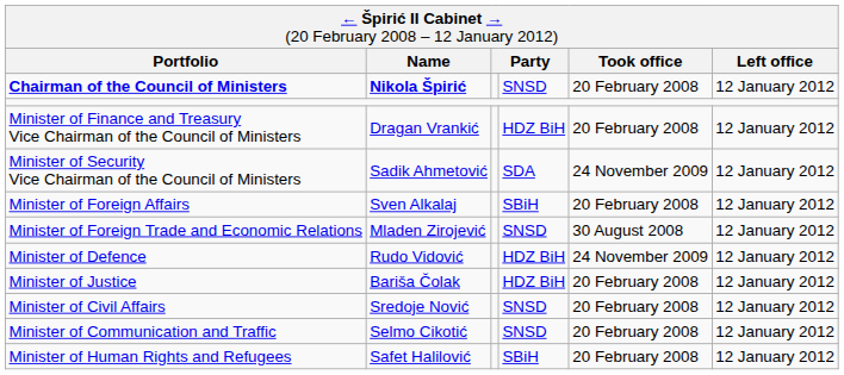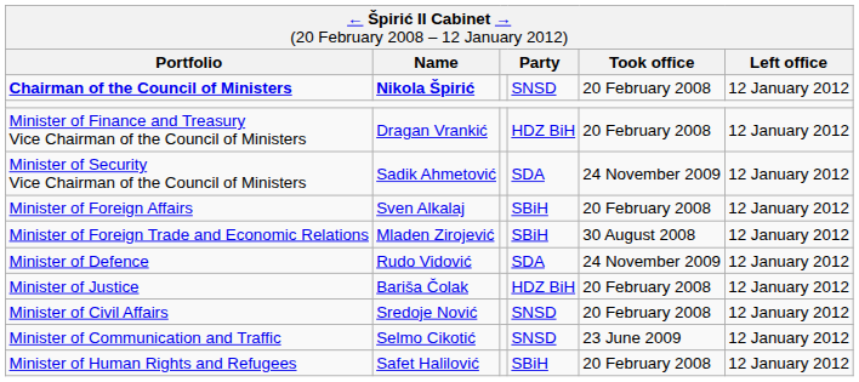 <table class="wikitable" style="font-size:95%;">
 <tr>
 <td colspan="7" bgcolor="#F2F2F2" align="center"><a href='#'>←</a> <strong>Špirić II Cabinet</strong> <a href='#'>→</a> <br> (20 February 2008 – 12 January 2012)</td>
 </tr>
 <tr>
 <th>Portfolio</th>
 <th>Name</th>
 <th colspan="2">Party</th>
 <th>Took office</th>
 <th>Left office</th>
 </tr>
 <tr>
 <td><strong><a href='#'>Chairman of the Council of Ministers</a></strong></td>
 <td><strong><a href='#'>Nikola Špirić</a></strong></td>
 <td style="background-color:"></td>
 <td><a href='#'>SNSD</a></td>
 <td>20 February 2008</td>
 <td>12 January 2012</td>
 </tr>
 <tr>
 <td colspan="7"></td>
 </tr>
 <tr>
 <td><a href='#'>Minister of Finance and Treasury</a> <br> Vice Chairman of the Council of Ministers</td>
 <td><a href='#'>Dragan Vrankić</a></td>
 <td style="background-color:"></td>
 <td><a href='#'>HDZ BiH</a></td>
 <td>20 February 2008</td>
 <td>12 January 2012</td>
 </tr>
 <tr>
 <td><a href='#'>Minister of Security</a> <br> Vice Chairman of the Council of Ministers</td>
 <td><a href='#'>Sadik Ahmetović</a></td>
 <td style="background-color:"></td>
 <td><a href='#'>SDA</a></td>
 <td>24 November 2009</td>
 <td>12 January 2012</td>
 </tr>
 <tr>
 <td><a href='#'>Minister of Foreign Affairs</a></td>
 <td><a href='#'>Sven Alkalaj</a></td>
 <td style="background-color:"></td>
 <td><a href='#'>SBiH</a></td>
 <td>20 February 2008</td>
 <td>12 January 2012</td>
 </tr>
 <tr>
 <td><a href='#'>Minister of Foreign Trade and Economic Relations</a></td>
 <td><a href='#'>Mladen Zirojević</a></td>
 <td style="background-color:"></td>
-<td><a href='#'>SNSD</a></td>
+<td><a href='#'>SBiH</a></td>
 <td>30 August 2008</td>
 <td>12 January 2012</td>
 </tr>
 <tr>
 <td><a href='#'>Minister of Defence</a></td>
 <td><a href='#'>Rudo Vidović</a></td>
 <td style="background-color:"></td>
-<td><a href='#'>HDZ BiH</a></td>
+<td><a href='#'>SDA</a></td>
 <td>24 November 2009</td>
 <td>12 January 2012</td>
 </tr>
 <tr>
 <td><a href='#'>Minister of Justice</a></td>
 <td><a href='#'>Bariša Čolak</a></td>
 <td style="background-color:"></td>
 <td><a href='#'>HDZ BiH</a></td>
 <td>20 February 2008</td>
 <td>12 January 2012</td>
 </tr>
 <tr>
 <td><a href='#'>Minister of Civil Affairs</a></td>
 <td><a href='#'>Sredoje Nović</a></td>
 <td style="background-color:"></td>
 <td><a href='#'>SNSD</a></td>
 <td>20 February 2008</td>
 <td>12 January 2012</td>
 </tr>
 <tr>
 <td><a href='#'>Minister of Communication and Traffic</a></td>
 <td><a href='#'>Selmo Cikotić</a></td>
 <td style="background-color:"></td>
 <td><a href='#'>SNSD</a></td>
-<td>20 February 2008</td>
+<td>23 June 2009</td>
 <td>12 January 2012</td>
 </tr>
 <tr>
 <td><a href='#'>Minister of Human Rights and Refugees</a></td>
 <td><a href='#'>Safet Halilović</a></td>
 <td style="background-color:"></td>
 <td><a href='#'>SBiH</a></td>
 <td>20 February 2008</td>
 <td>12 January 2012</td>
 </tr>
 </table>
